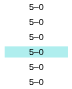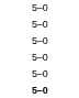 <table style="font-size:90%">
 <tr>
 <th width="150"></th>
 <th width="100"></th>
 <th width="150"></th>
 </tr>
 <tr>
 <td align="right"><strong></strong></td>
 <td align="center">5–0</td>
 <td></td>
 </tr>
 <tr>
 <td></td>
 <td></td>
 <td></td>
 </tr>
 <tr>
 <td align="right"><strong></strong></td>
 <td align="center">5–0</td>
 <td></td>
 </tr>
 <tr>
 <td></td>
 <td></td>
 <td></td>
 </tr>
 <tr>
 <td align="right"><strong></strong></td>
 <td align="center">5–0</td>
 <td></td>
 </tr>
 <tr>
 <td></td>
 <td></td>
 <td></td>
 </tr>
 <tr>
 <td align="right"><strong></strong></td>
-<td align="center" style="background: paleturquoise;">5–0</td>
+<td align="center">5–0</td>
 <td></td>
 </tr>
 <tr>
 <td></td>
 <td></td>
 <td></td>
 </tr>
 <tr>
 <td align="right"><strong></strong></td>
 <td align="center">5–0</td>
 <td></td>
 </tr>
 <tr>
 <td></td>
 <td></td>
 <td></td>
 </tr>
 <tr>
 <td align="right"><strong></strong></td>
-<td align="center">5–0</td>
+<td align="center"><strong>5–0</strong></td>
 <td></td>
 </tr>
 <tr>
 <td></td>
 <td></td>
 <td></td>
 </tr>
 <tr>
 </tr>
 </table>
